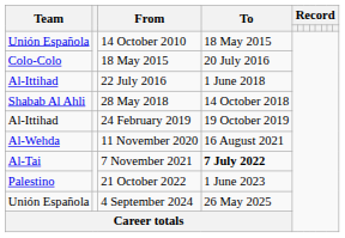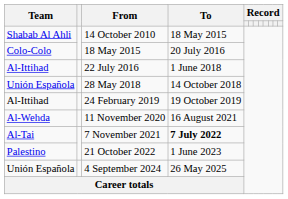 <table class="wikitable" style="text-align: center">
 <tr>
 <th rowspan="2">Team</th>
 <th rowspan="2"></th>
 <th rowspan="2">From</th>
 <th rowspan="2">To</th>
 <th colspan="8">Record</th>
 </tr>
 <tr>
 <th></th>
 <th></th>
 <th></th>
 <th></th>
 <th></th>
 <th></th>
 <th></th>
 <th></th>
 </tr>
 <tr>
-<td align=left><a href='#'>Unión Española</a></td>
+<td align=left><a href='#'>Shabab Al Ahli</a></td>
 <td rowspan="2"></td>
 <td align=left>14 October 2010</td>
 <td align=left>18 May 2015<br></td>
 </tr>
 <tr>
 <td align=left><a href='#'>Colo-Colo</a></td>
 <td align=left>18 May 2015</td>
 <td align=left>20 July 2016<br></td>
 </tr>
 <tr>
 <td align=left><a href='#'>Al-Ittihad</a></td>
 <td></td>
 <td align=left>22 July 2016</td>
 <td align=left>1 June 2018<br></td>
 </tr>
 <tr>
-<td align=left><a href='#'>Shabab Al Ahli</a></td>
+<td align=left><a href='#'>Unión Española</a></td>
 <td></td>
 <td align=left>28 May 2018</td>
 <td align=left>14 October 2018<br></td>
 </tr>
 <tr>
 <td align=left>Al-Ittihad</td>
 <td></td>
 <td align=left>24 February 2019</td>
 <td align=left>19 October 2019<br></td>
 </tr>
 <tr>
 <td align=left><a href='#'>Al-Wehda</a></td>
 <td></td>
 <td align=left>11 November 2020</td>
 <td align=left>16 August 2021<br></td>
 </tr>
 <tr>
 <td align=left><a href='#'>Al-Tai</a></td>
 <td rowspan="2"></td>
 <td align=left>7 November 2021</td>
 <td align=left><strong>7 July 2022<br></strong></td>
 </tr>
 <tr>
 <td align=left><a href='#'>Palestino</a></td>
 <td align=left>21 October 2022</td>
 <td align=left>1 June 2023<br></td>
 </tr>
 <tr>
 <td align=left>Unión Española</td>
 <td rowspan="1"></td>
 <td align=left>4 September 2024</td>
 <td align=left>26 May 2025<br></td>
 </tr>
 <tr>
 <th colspan=4>Career totals<br></th>
 </tr>
 </table>
